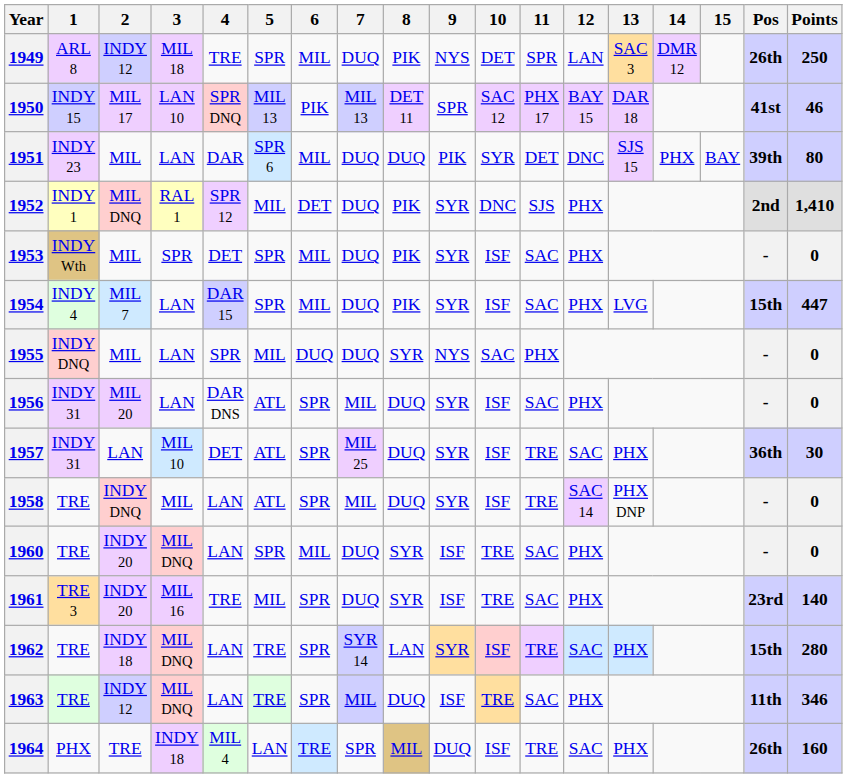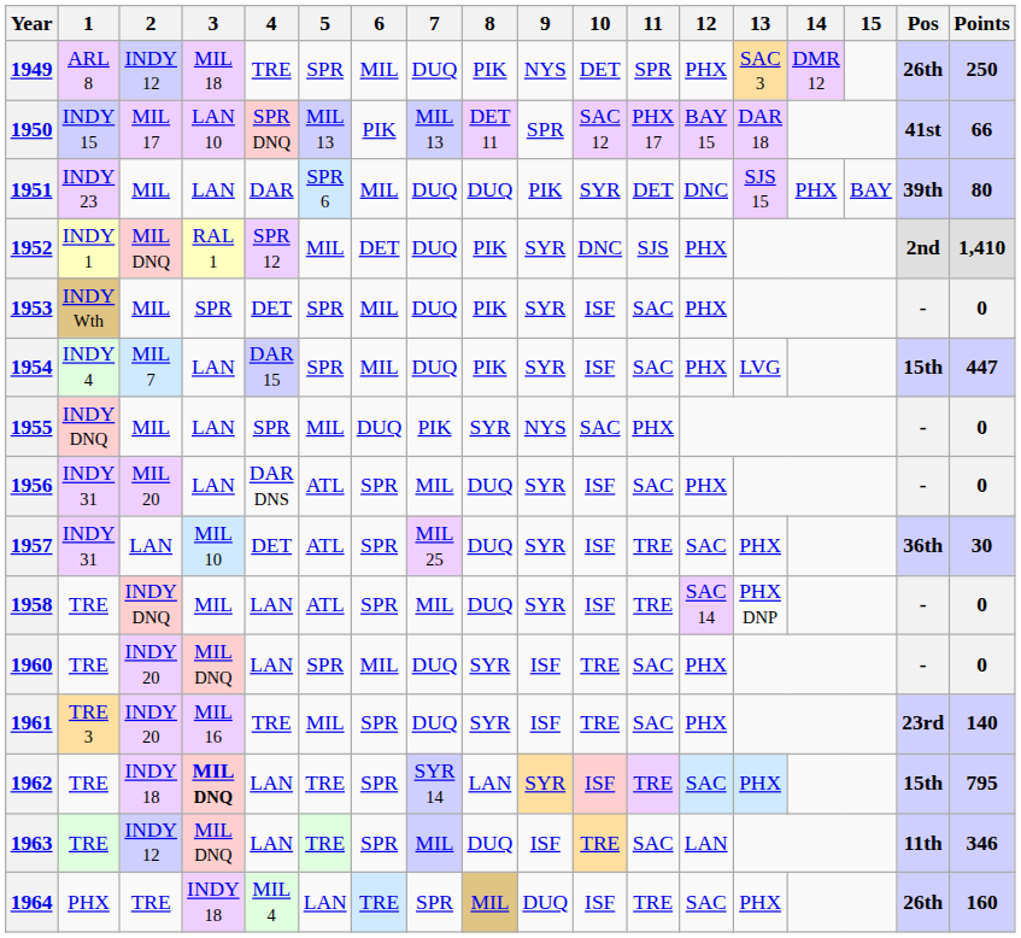 <table class="wikitable" style="text-align:center; font-size:90%">
 <tr>
 <th>Year</th>
 <th>1</th>
 <th>2</th>
 <th>3</th>
 <th>4</th>
 <th>5</th>
 <th>6</th>
 <th>7</th>
 <th>8</th>
 <th>9</th>
 <th>10</th>
 <th>11</th>
 <th>12</th>
 <th>13</th>
 <th>14</th>
 <th>15</th>
 <th>Pos</th>
 <th>Points</th>
 </tr>
 <tr>
 <th rowspan=1><a href='#'>1949</a></th>
 <td style="background:#EFCFFF;"><a href='#'>ARL</a><br><small>8</small></td>
 <td style="background:#CFCFFF;"><a href='#'>INDY</a><br><small>12</small></td>
 <td style="background:#EFCFFF;"><a href='#'>MIL</a><br><small>18</small></td>
 <td><a href='#'>TRE</a><br><small> </small></td>
 <td><a href='#'>SPR</a><br><small> </small></td>
 <td><a href='#'>MIL</a><br><small> </small></td>
 <td><a href='#'>DUQ</a><br><small> </small></td>
 <td><a href='#'>PIK</a></td>
 <td><a href='#'>NYS</a><br><small> </small></td>
 <td><a href='#'>DET</a><br><small> </small></td>
 <td><a href='#'>SPR</a><br><small> </small></td>
-<td><a href='#'>LAN</a><br><small> </small></td>
+<td><a href='#'>PHX</a></td>
 <td style="background:#FFDF9F;"><a href='#'>SAC</a><br><small>3</small></td>
 <td style="background:#EFCFFF;"><a href='#'>DMR</a><br><small>12</small></td>
 <td colspan=1></td>
 <th style="background:#CFCFFF;">26th</th>
 <th style="background:#CFCFFF;">250</th>
 </tr>
 <tr>
 <th><a href='#'>1950</a></th>
 <td style="background:#CFCFFF;"><a href='#'>INDY</a><br><small>15</small></td>
 <td style="background:#EFCFFF;"><a href='#'>MIL</a><br><small>17</small></td>
 <td style="background:#EFCFFF;"><a href='#'>LAN</a><br><small>10</small></td>
 <td style="background:#FFCFCF;"><a href='#'>SPR</a><br><small>DNQ</small></td>
 <td style="background:#CFCFFF;"><a href='#'>MIL</a><br><small>13</small></td>
 <td><a href='#'>PIK</a></td>
 <td style="background:#CFCFFF;"><a href='#'>MIL</a><br><small>13</small></td>
 <td style="background:#EFCFFF;"><a href='#'>DET</a><br><small>11</small></td>
 <td><a href='#'>SPR</a><br><small> </small></td>
 <td style="background:#EFCFFF;"><a href='#'>SAC</a><br><small>12</small></td>
 <td style="background:#EFCFFF;"><a href='#'>PHX</a><br><small>17</small></td>
 <td style="background:#EFCFFF;"><a href='#'>BAY</a><br><small>15</small></td>
 <td style="background:#EFCFFF;"><a href='#'>DAR</a><br><small>18</small></td>
 <td colspan=2></td>
 <th style="background:#CFCFFF;">41st</th>
-<th style="background:#CFCFFF;">46</th>
+<th style="background:#CFCFFF;">66</th>
 </tr>
 <tr>
 <th><a href='#'>1951</a></th>
 <td style="background:#EFCFFF;"><a href='#'>INDY</a><br><small>23</small></td>
 <td><a href='#'>MIL</a><br><small> </small></td>
 <td><a href='#'>LAN</a><br><small> </small></td>
 <td><a href='#'>DAR</a><br><small> </small></td>
 <td style="background:#CFEAFF;"><a href='#'>SPR</a><br><small>6</small></td>
 <td><a href='#'>MIL</a><br><small> </small></td>
 <td><a href='#'>DUQ</a><br><small> </small></td>
 <td><a href='#'>DUQ</a><br><small> </small></td>
 <td><a href='#'>PIK</a></td>
 <td><a href='#'>SYR</a><br><small> </small></td>
 <td><a href='#'>DET</a><br><small> </small></td>
 <td><a href='#'>DNC</a><br><small> </small></td>
 <td style="background:#EFCFFF;"><a href='#'>SJS</a><br><small>15</small></td>
 <td><a href='#'>PHX</a><br><small> </small></td>
 <td><a href='#'>BAY</a><br><small> </small></td>
 <th style="background:#CFCFFF;">39th</th>
 <th style="background:#CFCFFF;">80</th>
 </tr>
 <tr>
 <th rowspan=1><a href='#'>1952</a></th>
 <td style="background:#FFFFBF;"><a href='#'>INDY</a><br><small>1</small></td>
 <td style="background:#FFCFCF;"><a href='#'>MIL</a><br><small>DNQ</small></td>
 <td style="background:#FFFFBF;"><a href='#'>RAL</a><br><small>1</small></td>
 <td style="background:#EFCFFF;"><a href='#'>SPR</a><br><small>12</small></td>
 <td><a href='#'>MIL</a><br><small> </small></td>
 <td><a href='#'>DET</a><br><small> </small></td>
 <td><a href='#'>DUQ</a><br><small> </small></td>
 <td><a href='#'>PIK</a></td>
 <td><a href='#'>SYR</a><br><small> </small></td>
 <td><a href='#'>DNC</a><br><small> </small></td>
 <td><a href='#'>SJS</a><br><small> </small></td>
 <td><a href='#'>PHX</a><br><small> </small></td>
 <td colspan=3></td>
 <th style="background:#DFDFDF;">2nd</th>
 <th style="background:#DFDFDF;">1,410</th>
 </tr>
 <tr>
 <th><a href='#'>1953</a></th>
 <td style="background:#DFC484;"><a href='#'>INDY</a><br><small>Wth</small></td>
 <td><a href='#'>MIL</a><br><small> </small></td>
 <td><a href='#'>SPR</a></td>
 <td><a href='#'>DET</a></td>
 <td><a href='#'>SPR</a></td>
 <td><a href='#'>MIL</a></td>
 <td><a href='#'>DUQ</a></td>
 <td><a href='#'>PIK</a></td>
 <td><a href='#'>SYR</a></td>
 <td><a href='#'>ISF</a></td>
 <td><a href='#'>SAC</a></td>
 <td><a href='#'>PHX</a></td>
 <td colspan=3></td>
 <th>-</th>
 <th>0</th>
 </tr>
 <tr>
 <th rowspan=1><a href='#'>1954</a></th>
 <td style="background:#DFFFDF;"><a href='#'>INDY</a><br><small>4</small></td>
 <td style="background:#CFEAFF;"><a href='#'>MIL</a><br><small>7</small></td>
 <td><a href='#'>LAN</a><br><small> </small></td>
 <td style="background:#CFCFFF;"><a href='#'>DAR</a><br><small>15</small></td>
 <td><a href='#'>SPR</a><br><small> </small></td>
 <td><a href='#'>MIL</a><br><small> </small></td>
 <td><a href='#'>DUQ</a><br><small> </small></td>
 <td><a href='#'>PIK</a></td>
 <td><a href='#'>SYR</a><br><small> </small></td>
 <td><a href='#'>ISF</a><br><small> </small></td>
 <td><a href='#'>SAC</a><br><small> </small></td>
 <td><a href='#'>PHX</a><br><small> </small></td>
 <td><a href='#'>LVG</a><br><small> </small></td>
 <td colspan=2></td>
 <th style="background:#CFCFFF;">15th</th>
 <th style="background:#CFCFFF;">447</th>
 </tr>
 <tr>
 <th rowspan=1><a href='#'>1955</a></th>
 <td style="background:#FFCFCF;"><a href='#'>INDY</a><br><small>DNQ</small></td>
 <td><a href='#'>MIL</a></td>
 <td><a href='#'>LAN</a></td>
 <td><a href='#'>SPR</a></td>
 <td><a href='#'>MIL</a></td>
 <td><a href='#'>DUQ</a></td>
-<td><a href='#'>DUQ</a><br><small> </small></td>
+<td><a href='#'>PIK</a></td>
 <td><a href='#'>SYR</a></td>
 <td><a href='#'>NYS</a><br><small> </small></td>
 <td><a href='#'>SAC</a></td>
 <td><a href='#'>PHX</a><br><small> </small></td>
 <td colspan=4></td>
 <th>-</th>
 <th>0</th>
 </tr>
 <tr>
 <th rowspan=1><a href='#'>1956</a></th>
 <td style="background:#EFCFFF;"><a href='#'>INDY</a><br><small>31</small></td>
 <td style="background:#EFCFFF;"><a href='#'>MIL</a><br><small>20</small></td>
 <td><a href='#'>LAN</a></td>
 <td><a href='#'>DAR</a><br><small>DNS</small></td>
 <td><a href='#'>ATL</a></td>
 <td><a href='#'>SPR</a></td>
 <td><a href='#'>MIL</a></td>
 <td><a href='#'>DUQ</a></td>
 <td><a href='#'>SYR</a></td>
 <td><a href='#'>ISF</a></td>
 <td><a href='#'>SAC</a></td>
 <td><a href='#'>PHX</a></td>
 <td colspan=3></td>
 <th>-</th>
 <th>0</th>
 </tr>
 <tr>
 <th rowspan=1><a href='#'>1957</a></th>
 <td style="background:#EFCFFF;"><a href='#'>INDY</a><br><small>31</small></td>
 <td><a href='#'>LAN</a></td>
 <td style="background:#CFEAFF;"><a href='#'>MIL</a><br><small>10</small></td>
 <td><a href='#'>DET</a></td>
 <td><a href='#'>ATL</a></td>
 <td><a href='#'>SPR</a></td>
 <td style="background:#EFCFFF;"><a href='#'>MIL</a><br><small>25</small></td>
 <td><a href='#'>DUQ</a></td>
 <td><a href='#'>SYR</a></td>
 <td><a href='#'>ISF</a></td>
 <td><a href='#'>TRE</a></td>
 <td><a href='#'>SAC</a></td>
 <td><a href='#'>PHX</a></td>
 <td colspan=2></td>
 <th style="background:#CFCFFF;">36th</th>
 <th style="background:#CFCFFF;">30</th>
 </tr>
 <tr>
 <th rowspan=1><a href='#'>1958</a></th>
 <td><a href='#'>TRE</a></td>
 <td style="background:#FFCFCF;"><a href='#'>INDY</a><br><small>DNQ</small></td>
 <td><a href='#'>MIL</a></td>
 <td><a href='#'>LAN</a></td>
 <td><a href='#'>ATL</a></td>
 <td><a href='#'>SPR</a></td>
 <td><a href='#'>MIL</a></td>
 <td><a href='#'>DUQ</a></td>
 <td><a href='#'>SYR</a></td>
 <td><a href='#'>ISF</a></td>
 <td><a href='#'>TRE</a></td>
 <td style="background:#EFCFFF;"><a href='#'>SAC</a><br><small>14</small></td>
 <td><a href='#'>PHX</a><br><small>DNP</small></td>
 <td colspan=2></td>
 <th>-</th>
 <th>0</th>
 </tr>
 <tr>
 <th><a href='#'>1960</a></th>
 <td><a href='#'>TRE</a></td>
 <td style="background:#efcfff;"><a href='#'>INDY</a><br><small>20</small></td>
 <td style="background:#FFCFCF;"><a href='#'>MIL</a><br><small>DNQ</small></td>
 <td><a href='#'>LAN</a><br><small> </small></td>
 <td><a href='#'>SPR</a></td>
 <td><a href='#'>MIL</a></td>
 <td><a href='#'>DUQ</a></td>
 <td><a href='#'>SYR</a></td>
 <td><a href='#'>ISF</a></td>
 <td><a href='#'>TRE</a></td>
 <td><a href='#'>SAC</a></td>
 <td><a href='#'>PHX</a></td>
 <td colspan=3></td>
 <th>-</th>
 <th>0</th>
 </tr>
 <tr>
 <th><a href='#'>1961</a></th>
 <td style="background:#FFDF9F;"><a href='#'>TRE</a><br><small>3</small></td>
 <td style="background:#EFCFFF;"><a href='#'>INDY</a><br><small>20</small></td>
 <td style="background:#EFCFFF;"><a href='#'>MIL</a><br><small>16</small></td>
 <td><a href='#'>TRE</a><br><small> </small></td>
 <td><a href='#'>MIL</a></td>
 <td><a href='#'>SPR</a></td>
 <td><a href='#'>DUQ</a></td>
 <td><a href='#'>SYR</a></td>
 <td><a href='#'>ISF</a></td>
 <td><a href='#'>TRE</a></td>
 <td><a href='#'>SAC</a></td>
 <td><a href='#'>PHX</a></td>
 <td colspan=3></td>
 <th style="background:#CFCFFF;">23rd</th>
 <th style="background:#CFCFFF;">140</th>
 </tr>
 <tr>
 <th><a href='#'>1962</a></th>
 <td><a href='#'>TRE</a></td>
 <td style="background:#EFCFFF;"><a href='#'>INDY</a><br><small>18</small></td>
-<td style="background:#FFCFCF;"><a href='#'>MIL</a><br><small>DNQ</small></td>
+<td style="background:#FFCFCF;"><strong><a href='#'>MIL</a><br><small>DNQ</small></strong></td>
 <td><a href='#'>LAN</a></td>
 <td><a href='#'>TRE</a></td>
 <td><a href='#'>SPR</a></td>
 <td style="background:#CFCFFF;"><a href='#'>SYR</a><br><small>14</small></td>
 <td><a href='#'>LAN</a></td>
 <td style="background:#FFDF9F;"><a href='#'>SYR</a><br></td>
 <td style="background:#FFCFCF;"><a href='#'>ISF</a><br></td>
 <td style="background:#EFCFFF;"><a href='#'>TRE</a><br></td>
 <td style="background:#CFEAFF;"><a href='#'>SAC</a><br></td>
 <td style="background:#CFEAFF;"><a href='#'>PHX</a><br></td>
 <td colspan=2></td>
 <th style="background:#CFCFFF;">15th</th>
-<th style="background:#CFCFFF;">280</th>
+<th style="background:#CFCFFF;">795</th>
 </tr>
 <tr>
 <th><a href='#'>1963</a></th>
 <td style="background:#DFFFDF;"><a href='#'>TRE</a><br></td>
 <td style="background:#CFCFFF;"><a href='#'>INDY</a><br><small>12</small></td>
 <td style="background:#FFCFCF;"><a href='#'>MIL</a><br><small>DNQ</small></td>
 <td><a href='#'>LAN</a></td>
 <td style="background:#DFFFDF;"><a href='#'>TRE</a><br></td>
 <td><a href='#'>SPR</a></td>
 <td style="background:#CFCFFF;"><a href='#'>MIL</a><br></td>
 <td><a href='#'>DUQ</a></td>
 <td><a href='#'>ISF</a></td>
 <td style="background:#FFDF9F;"><a href='#'>TRE</a><br></td>
 <td><a href='#'>SAC</a></td>
-<td><a href='#'>PHX</a></td>
+<td><a href='#'>LAN</a><br><small> </small></td>
 <td colspan=3></td>
 <th style="background:#CFCFFF;">11th</th>
 <th style="background:#CFCFFF;">346</th>
 </tr>
 <tr>
 <th><a href='#'>1964</a></th>
 <td><a href='#'>PHX</a><br><small> </small></td>
 <td><a href='#'>TRE</a></td>
 <td style="background:#EFCFFF;"><a href='#'>INDY</a><br><small>18</small></td>
 <td style="background:#DFFFDF;"><a href='#'>MIL</a><br><small>4</small></td>
 <td><a href='#'>LAN</a></td>
 <td style="background:#CFEAFF;"><a href='#'>TRE</a><br></td>
 <td><a href='#'>SPR</a></td>
 <td style="background:#DFC484;"><a href='#'>MIL</a><br></td>
 <td><a href='#'>DUQ</a></td>
 <td><a href='#'>ISF</a></td>
 <td><a href='#'>TRE</a></td>
 <td><a href='#'>SAC</a></td>
 <td><a href='#'>PHX</a></td>
 <td colspan=2></td>
 <th style="background:#CFCFFF;">26th</th>
 <th style="background:#CFCFFF;">160</th>
 </tr>
 </table>
